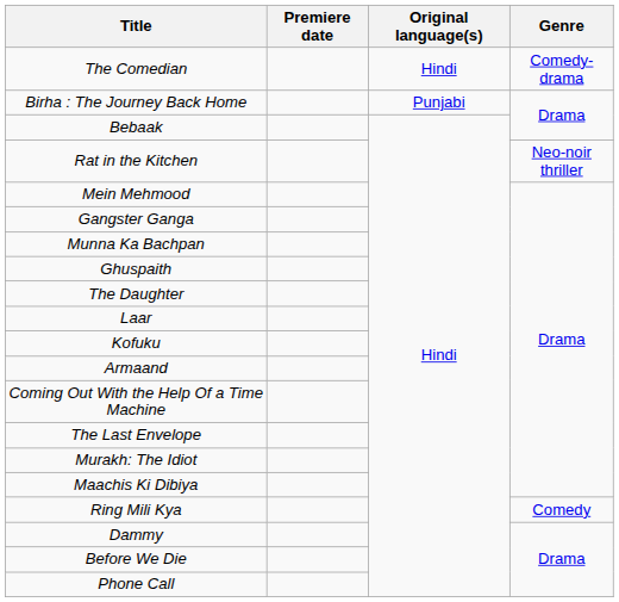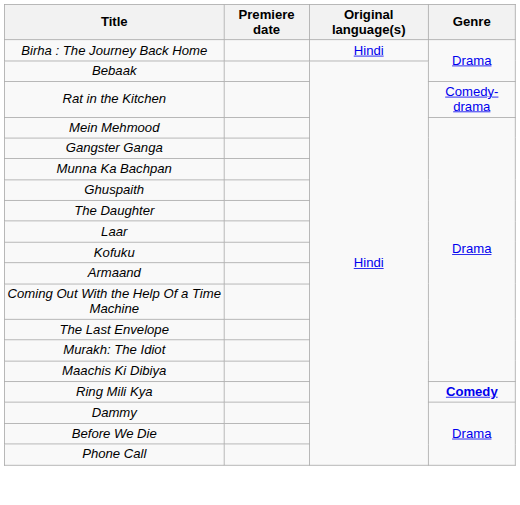 <table class="wikitable sortable" id="special_upcoming" style="width: 100%; text-align: center;">
 <tr>
 <th>Title</th>
 <th>Premiere date</th>
 <th>Original language(s)</th>
 <th>Genre</th>
 </tr>
 <tr>
-<td><em>The Comedian</em></td>
+<td><em>Birha : The Journey Back Home</em></td>
 <td></td>
 <td><a href='#'>Hindi</a></td>
-<td><a href='#'>Comedy-drama</a></td>
-</tr>
-<tr>
-<td><em>Birha : The Journey Back Home</em></td>
-<td></td>
-<td><a href='#'>Punjabi</a></td>
 <td rowspan="2"><a href='#'>Drama</a></td>
 </tr>
 <tr>
 <td><em>Bebaak</em></td>
 <td></td>
 <td rowspan="18"><a href='#'>Hindi</a></td>
 </tr>
 <tr>
 <td><em>Rat in the Kitchen</em></td>
 <td></td>
-<td><a href='#'>Neo-noir</a> <a href='#'>thriller</a></td>
+<td><a href='#'>Comedy-drama</a></td>
 </tr>
 <tr>
 <td><em>Mein Mehmood</em></td>
 <td></td>
 <td rowspan="12"><a href='#'>Drama</a></td>
 </tr>
 <tr>
 <td><em>Gangster Ganga</em></td>
 <td></td>
 </tr>
 <tr>
 <td><em>Munna Ka Bachpan</em></td>
 <td></td>
 </tr>
 <tr>
 <td><em>Ghuspaith</em></td>
 <td></td>
 </tr>
 <tr>
 <td><em>The Daughter</em></td>
 <td></td>
 </tr>
 <tr>
 <td><em>Laar</em></td>
 <td></td>
 </tr>
 <tr>
 <td><em>Kofuku</em></td>
 <td></td>
 </tr>
 <tr>
 <td><em>Armaand</em></td>
 <td></td>
 </tr>
 <tr>
 <td><em>Coming Out With the Help Of a Time Machine</em></td>
 <td></td>
 </tr>
 <tr>
 <td><em>The Last Envelope</em></td>
 <td></td>
 </tr>
 <tr>
 <td><em>Murakh: The Idiot</em></td>
 <td></td>
 </tr>
 <tr>
 <td><em>Maachis Ki Dibiya</em></td>
 <td></td>
 </tr>
 <tr>
 <td><em>Ring Mili Kya</em></td>
 <td></td>
-<td><a href='#'>Comedy</a></td>
+<td><strong><a href='#'>Comedy</a></strong></td>
 </tr>
 <tr>
 <td><em>Dammy</em></td>
 <td></td>
 <td rowspan="3"><a href='#'>Drama</a></td>
 </tr>
 <tr>
 <td><em>Before We Die</em></td>
 <td></td>
 </tr>
 <tr>
 <td><em>Phone Call</em></td>
 <td></td>
 </tr>
 </table>
